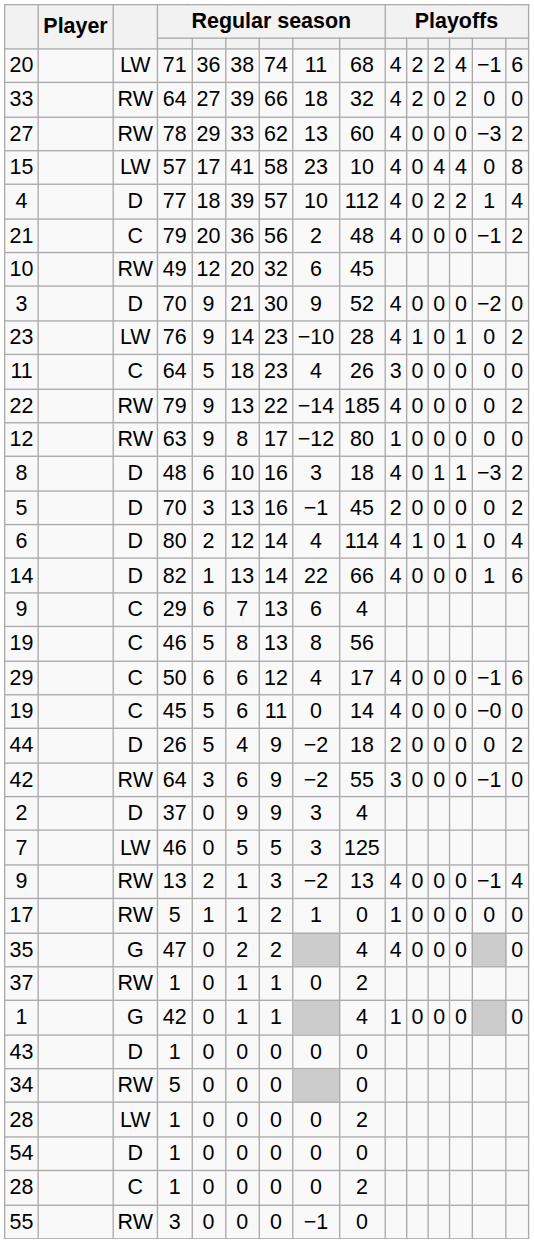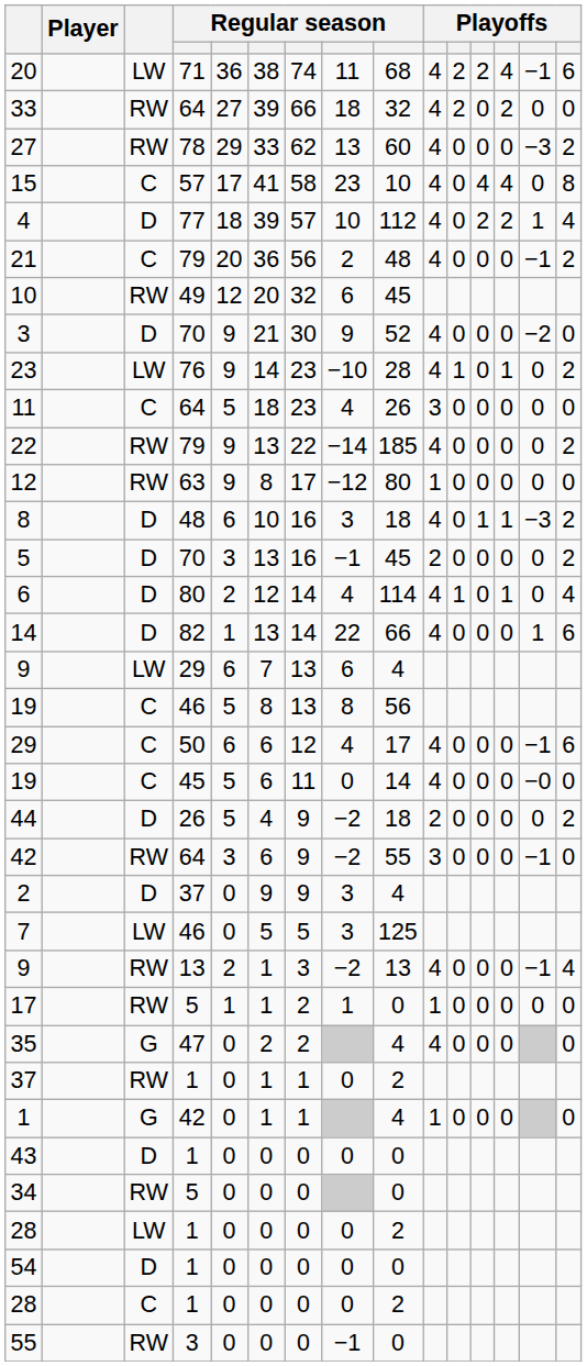 <table class="wikitable sortable plainrowheaders" style="text-align:center;">
 <tr>
 <th scope="col" data-sort-type="number" rowspan="2"></th>
 <th scope="col" rowspan="2">Player</th>
 <th scope="col" rowspan="2"></th>
 <th scope=colgroup colspan=6>Regular season</th>
 <th scope=colgroup colspan=6>Playoffs</th>
 </tr>
 <tr>
 <th scope="col" data-sort-type="number"></th>
 <th scope="col" data-sort-type="number"></th>
 <th scope="col" data-sort-type="number"></th>
 <th scope="col" data-sort-type="number"></th>
 <th scope="col" data-sort-type="number"></th>
 <th scope="col" data-sort-type="number"></th>
 <th scope="col" data-sort-type="number"></th>
 <th scope="col" data-sort-type="number"></th>
 <th scope="col" data-sort-type="number"></th>
 <th scope="col" data-sort-type="number"></th>
 <th scope="col" data-sort-type="number"></th>
 <th scope="col" data-sort-type="number"></th>
 </tr>
 <tr>
 <td scope="row">20</td>
 <td align="left"></td>
 <td>LW</td>
 <td>71</td>
 <td>36</td>
 <td>38</td>
 <td>74</td>
 <td>11</td>
 <td>68</td>
 <td>4</td>
 <td>2</td>
 <td>2</td>
 <td>4</td>
 <td>−1</td>
 <td>6</td>
 </tr>
 <tr>
 <td scope="row">33</td>
 <td align="left"></td>
 <td>RW</td>
 <td>64</td>
 <td>27</td>
 <td>39</td>
 <td>66</td>
 <td>18</td>
 <td>32</td>
 <td>4</td>
 <td>2</td>
 <td>0</td>
 <td>2</td>
 <td>0</td>
 <td>0</td>
 </tr>
 <tr>
 <td scope="row">27</td>
 <td align="left"></td>
 <td>RW</td>
 <td>78</td>
 <td>29</td>
 <td>33</td>
 <td>62</td>
 <td>13</td>
 <td>60</td>
 <td>4</td>
 <td>0</td>
 <td>0</td>
 <td>0</td>
 <td>−3</td>
 <td>2</td>
 </tr>
 <tr>
 <td scope="row">15</td>
 <td align="left"></td>
-<td>LW</td>
+<td>C</td>
 <td>57</td>
 <td>17</td>
 <td>41</td>
 <td>58</td>
 <td>23</td>
 <td>10</td>
 <td>4</td>
 <td>0</td>
 <td>4</td>
 <td>4</td>
 <td>0</td>
 <td>8</td>
 </tr>
 <tr>
 <td scope="row">4</td>
 <td align="left"></td>
 <td>D</td>
 <td>77</td>
 <td>18</td>
 <td>39</td>
 <td>57</td>
 <td>10</td>
 <td>112</td>
 <td>4</td>
 <td>0</td>
 <td>2</td>
 <td>2</td>
 <td>1</td>
 <td>4</td>
 </tr>
 <tr>
 <td scope="row">21</td>
 <td align="left"></td>
 <td>C</td>
 <td>79</td>
 <td>20</td>
 <td>36</td>
 <td>56</td>
 <td>2</td>
 <td>48</td>
 <td>4</td>
 <td>0</td>
 <td>0</td>
 <td>0</td>
 <td>−1</td>
 <td>2</td>
 </tr>
 <tr>
 <td scope="row">10</td>
 <td align="left"></td>
 <td>RW</td>
 <td>49</td>
 <td>12</td>
 <td>20</td>
 <td>32</td>
 <td>6</td>
 <td>45</td>
 <td></td>
 <td></td>
 <td></td>
 <td></td>
 <td></td>
 <td></td>
 </tr>
 <tr>
 <td scope="row">3</td>
 <td align="left"></td>
 <td>D</td>
 <td>70</td>
 <td>9</td>
 <td>21</td>
 <td>30</td>
 <td>9</td>
 <td>52</td>
 <td>4</td>
 <td>0</td>
 <td>0</td>
 <td>0</td>
 <td>−2</td>
 <td>0</td>
 </tr>
 <tr>
 <td scope="row">23</td>
 <td align="left"></td>
 <td>LW</td>
 <td>76</td>
 <td>9</td>
 <td>14</td>
 <td>23</td>
 <td>−10</td>
 <td>28</td>
 <td>4</td>
 <td>1</td>
 <td>0</td>
 <td>1</td>
 <td>0</td>
 <td>2</td>
 </tr>
 <tr>
 <td scope="row">11</td>
 <td align="left"></td>
 <td>C</td>
 <td>64</td>
 <td>5</td>
 <td>18</td>
 <td>23</td>
 <td>4</td>
 <td>26</td>
 <td>3</td>
 <td>0</td>
 <td>0</td>
 <td>0</td>
 <td>0</td>
 <td>0</td>
 </tr>
 <tr>
 <td scope="row">22</td>
 <td align="left"></td>
 <td>RW</td>
 <td>79</td>
 <td>9</td>
 <td>13</td>
 <td>22</td>
 <td>−14</td>
 <td>185</td>
 <td>4</td>
 <td>0</td>
 <td>0</td>
 <td>0</td>
 <td>0</td>
 <td>2</td>
 </tr>
 <tr>
 <td scope="row">12</td>
 <td align="left"></td>
 <td>RW</td>
 <td>63</td>
 <td>9</td>
 <td>8</td>
 <td>17</td>
 <td>−12</td>
 <td>80</td>
 <td>1</td>
 <td>0</td>
 <td>0</td>
 <td>0</td>
 <td>0</td>
 <td>0</td>
 </tr>
 <tr>
 <td scope="row">8</td>
 <td align="left"></td>
 <td>D</td>
 <td>48</td>
 <td>6</td>
 <td>10</td>
 <td>16</td>
 <td>3</td>
 <td>18</td>
 <td>4</td>
 <td>0</td>
 <td>1</td>
 <td>1</td>
 <td>−3</td>
 <td>2</td>
 </tr>
 <tr>
 <td scope="row">5</td>
 <td align="left"></td>
 <td>D</td>
 <td>70</td>
 <td>3</td>
 <td>13</td>
 <td>16</td>
 <td>−1</td>
 <td>45</td>
 <td>2</td>
 <td>0</td>
 <td>0</td>
 <td>0</td>
 <td>0</td>
 <td>2</td>
 </tr>
 <tr>
 <td scope="row">6</td>
 <td align="left"></td>
 <td>D</td>
 <td>80</td>
 <td>2</td>
 <td>12</td>
 <td>14</td>
 <td>4</td>
 <td>114</td>
 <td>4</td>
 <td>1</td>
 <td>0</td>
 <td>1</td>
 <td>0</td>
 <td>4</td>
 </tr>
 <tr>
 <td scope="row">14</td>
 <td align="left"></td>
 <td>D</td>
 <td>82</td>
 <td>1</td>
 <td>13</td>
 <td>14</td>
 <td>22</td>
 <td>66</td>
 <td>4</td>
 <td>0</td>
 <td>0</td>
 <td>0</td>
 <td>1</td>
 <td>6</td>
 </tr>
 <tr>
 <td scope="row">9</td>
 <td align="left"></td>
-<td>C</td>
+<td>LW</td>
 <td>29</td>
 <td>6</td>
 <td>7</td>
 <td>13</td>
 <td>6</td>
 <td>4</td>
 <td></td>
 <td></td>
 <td></td>
 <td></td>
 <td></td>
 <td></td>
 </tr>
 <tr>
 <td scope="row">19</td>
 <td align="left"></td>
 <td>C</td>
 <td>46</td>
 <td>5</td>
 <td>8</td>
 <td>13</td>
 <td>8</td>
 <td>56</td>
 <td></td>
 <td></td>
 <td></td>
 <td></td>
 <td></td>
 <td></td>
 </tr>
 <tr>
 <td scope="row">29</td>
 <td align="left"></td>
 <td>C</td>
 <td>50</td>
 <td>6</td>
 <td>6</td>
 <td>12</td>
 <td>4</td>
 <td>17</td>
 <td>4</td>
 <td>0</td>
 <td>0</td>
 <td>0</td>
 <td>−1</td>
 <td>6</td>
 </tr>
 <tr>
 <td scope="row">19</td>
 <td align="left"></td>
 <td>C</td>
 <td>45</td>
 <td>5</td>
 <td>6</td>
 <td>11</td>
 <td>0</td>
 <td>14</td>
 <td>4</td>
 <td>0</td>
 <td>0</td>
 <td>0</td>
 <td>−0</td>
 <td>0</td>
 </tr>
 <tr>
 <td scope="row">44</td>
 <td align="left"></td>
 <td>D</td>
 <td>26</td>
 <td>5</td>
 <td>4</td>
 <td>9</td>
 <td>−2</td>
 <td>18</td>
 <td>2</td>
 <td>0</td>
 <td>0</td>
 <td>0</td>
 <td>0</td>
 <td>2</td>
 </tr>
 <tr>
 <td scope="row">42</td>
 <td align="left"></td>
 <td>RW</td>
 <td>64</td>
 <td>3</td>
 <td>6</td>
 <td>9</td>
 <td>−2</td>
 <td>55</td>
 <td>3</td>
 <td>0</td>
 <td>0</td>
 <td>0</td>
 <td>−1</td>
 <td>0</td>
 </tr>
 <tr>
 <td scope="row">2</td>
 <td align="left"></td>
 <td>D</td>
 <td>37</td>
 <td>0</td>
 <td>9</td>
 <td>9</td>
 <td>3</td>
 <td>4</td>
 <td></td>
 <td></td>
 <td></td>
 <td></td>
 <td></td>
 <td></td>
 </tr>
 <tr>
 <td scope="row">7</td>
 <td align="left"></td>
 <td>LW</td>
 <td>46</td>
 <td>0</td>
 <td>5</td>
 <td>5</td>
 <td>3</td>
 <td>125</td>
 <td></td>
 <td></td>
 <td></td>
 <td></td>
 <td></td>
 <td></td>
 </tr>
 <tr>
 <td scope="row">9</td>
 <td align="left"></td>
 <td>RW</td>
 <td>13</td>
 <td>2</td>
 <td>1</td>
 <td>3</td>
 <td>−2</td>
 <td>13</td>
 <td>4</td>
 <td>0</td>
 <td>0</td>
 <td>0</td>
 <td>−1</td>
 <td>4</td>
 </tr>
 <tr>
 <td scope="row">17</td>
 <td align="left"></td>
 <td>RW</td>
 <td>5</td>
 <td>1</td>
 <td>1</td>
 <td>2</td>
 <td>1</td>
 <td>0</td>
 <td>1</td>
 <td>0</td>
 <td>0</td>
 <td>0</td>
 <td>0</td>
 <td>0</td>
 </tr>
 <tr>
 <td scope="row">35</td>
 <td align="left"></td>
 <td>G</td>
 <td>47</td>
 <td>0</td>
 <td>2</td>
 <td>2</td>
 <td style="background:#ccc"></td>
 <td>4</td>
 <td>4</td>
 <td>0</td>
 <td>0</td>
 <td>0</td>
 <td style="background:#ccc"></td>
 <td>0</td>
 </tr>
 <tr>
 <td scope="row">37</td>
 <td align="left"></td>
 <td>RW</td>
 <td>1</td>
 <td>0</td>
 <td>1</td>
 <td>1</td>
 <td>0</td>
 <td>2</td>
 <td></td>
 <td></td>
 <td></td>
 <td></td>
 <td></td>
 <td></td>
 </tr>
 <tr>
 <td scope="row">1</td>
 <td align="left"></td>
 <td>G</td>
 <td>42</td>
 <td>0</td>
 <td>1</td>
 <td>1</td>
 <td style="background:#ccc"></td>
 <td>4</td>
 <td>1</td>
 <td>0</td>
 <td>0</td>
 <td>0</td>
 <td style="background:#ccc"></td>
 <td>0</td>
 </tr>
 <tr>
 <td scope="row">43</td>
 <td align="left"></td>
 <td>D</td>
 <td>1</td>
 <td>0</td>
 <td>0</td>
 <td>0</td>
 <td>0</td>
 <td>0</td>
 <td></td>
 <td></td>
 <td></td>
 <td></td>
 <td></td>
 <td></td>
 </tr>
 <tr>
 <td scope="row">34</td>
 <td align="left"></td>
 <td>RW</td>
 <td>5</td>
 <td>0</td>
 <td>0</td>
 <td>0</td>
 <td style="background:#ccc"></td>
 <td>0</td>
 <td></td>
 <td></td>
 <td></td>
 <td></td>
 <td></td>
 <td></td>
 </tr>
 <tr>
 <td scope="row">28</td>
 <td align="left"></td>
 <td>LW</td>
 <td>1</td>
 <td>0</td>
 <td>0</td>
 <td>0</td>
 <td>0</td>
 <td>2</td>
 <td></td>
 <td></td>
 <td></td>
 <td></td>
 <td></td>
 <td></td>
 </tr>
 <tr>
 <td scope="row">54</td>
 <td align="left"></td>
 <td>D</td>
 <td>1</td>
 <td>0</td>
 <td>0</td>
 <td>0</td>
 <td>0</td>
 <td>0</td>
 <td></td>
 <td></td>
 <td></td>
 <td></td>
 <td></td>
 <td></td>
 </tr>
 <tr>
 <td scope="row">28</td>
 <td align="left"></td>
 <td>C</td>
 <td>1</td>
 <td>0</td>
 <td>0</td>
 <td>0</td>
 <td>0</td>
 <td>2</td>
 <td></td>
 <td></td>
 <td></td>
 <td></td>
 <td></td>
 <td></td>
 </tr>
 <tr>
 <td scope="row">55</td>
 <td align="left"></td>
 <td>RW</td>
 <td>3</td>
 <td>0</td>
 <td>0</td>
 <td>0</td>
 <td>−1</td>
 <td>0</td>
 <td></td>
 <td></td>
 <td></td>
 <td></td>
 <td></td>
 <td></td>
 </tr>
 </table>
